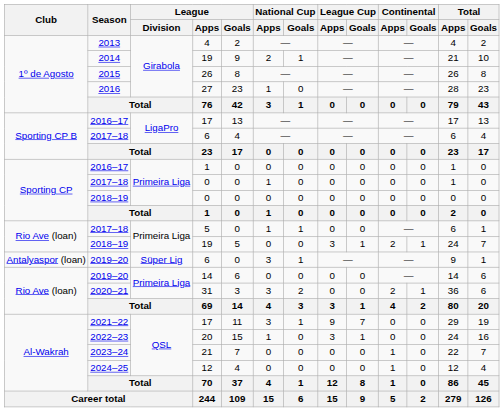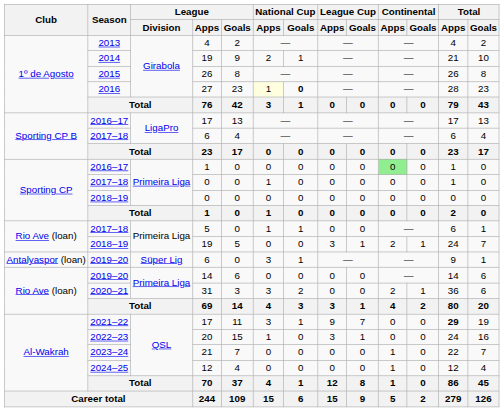 <table class=wikitable style="text-align: center;">
 <tr>
 <th rowspan=2>Club</th>
 <th rowspan=2>Season</th>
 <th colspan=3>League</th>
 <th colspan=2>National Cup</th>
 <th colspan=2>League Cup</th>
 <th colspan=2>Continental</th>
 <th colspan=2>Total</th>
 </tr>
 <tr>
 <th>Division</th>
 <th>Apps</th>
 <th>Goals</th>
 <th>Apps</th>
 <th>Goals</th>
 <th>Apps</th>
 <th>Goals</th>
 <th>Apps</th>
 <th>Goals</th>
 <th>Apps</th>
 <th>Goals</th>
 </tr>
 <tr>
 <td rowspan=5><a href='#'>1º de Agosto</a></td>
 <td><a href='#'>2013</a></td>
 <td rowspan=4><a href='#'>Girabola</a></td>
 <td>4</td>
 <td>2</td>
 <td colspan=2>—</td>
 <td colspan=2>—</td>
 <td colspan=2>—</td>
 <td>4</td>
 <td>2</td>
 </tr>
 <tr>
 <td><a href='#'>2014</a></td>
 <td>19</td>
 <td>9</td>
 <td>2</td>
 <td>1</td>
 <td colspan=2>—</td>
 <td colspan=2>—</td>
 <td>21</td>
 <td>10</td>
 </tr>
 <tr>
 <td><a href='#'>2015</a></td>
 <td>26</td>
 <td>8</td>
 <td colspan=2>—</td>
 <td colspan=2>—</td>
 <td colspan=2>—</td>
 <td>26</td>
 <td>8</td>
 </tr>
 <tr>
 <td><a href='#'>2016</a></td>
 <td>27</td>
 <td>23</td>
-<td>1</td>
-<td>0</td>
+<td style="background: lightyellow;">1</td>
+<td><strong>0</strong></td>
 <td colspan=2>—</td>
 <td colspan=2>—</td>
 <td>28</td>
 <td>23</td>
 </tr>
 <tr>
 <th colspan=2>Total</th>
 <th>76</th>
 <th>42</th>
 <th>3</th>
 <th>1</th>
 <th>0</th>
 <th>0</th>
 <th>0</th>
 <th>0</th>
 <th>79</th>
 <th>43</th>
 </tr>
 <tr>
 <td rowspan=3><a href='#'>Sporting CP B</a></td>
 <td><a href='#'>2016–17</a></td>
 <td rowspan=2><a href='#'>LigaPro</a></td>
 <td>17</td>
 <td>13</td>
 <td colspan=2>—</td>
 <td colspan=2>—</td>
 <td colspan=2>—</td>
 <td>17</td>
 <td>13</td>
 </tr>
 <tr>
 <td><a href='#'>2017–18</a></td>
 <td>6</td>
 <td>4</td>
 <td colspan=2>—</td>
 <td colspan=2>—</td>
 <td colspan=2>—</td>
 <td>6</td>
 <td>4</td>
 </tr>
 <tr>
 <th colspan=2>Total</th>
 <th>23</th>
 <th>17</th>
 <th>0</th>
 <th>0</th>
 <th>0</th>
 <th>0</th>
 <th>0</th>
 <th>0</th>
 <th>23</th>
 <th>17</th>
 </tr>
 <tr>
 <td rowspan=4><a href='#'>Sporting CP</a></td>
 <td><a href='#'>2016–17</a></td>
 <td rowspan=3><a href='#'>Primeira Liga</a></td>
 <td>1</td>
 <td>0</td>
 <td>0</td>
 <td>0</td>
 <td>0</td>
 <td>0</td>
-<td>0</td>
+<td style="background: lightgreen;">0</td>
 <td>0</td>
 <td>1</td>
 <td>0</td>
 </tr>
 <tr>
 <td><a href='#'>2017–18</a></td>
 <td>0</td>
 <td>0</td>
 <td>1</td>
 <td>0</td>
 <td>0</td>
 <td>0</td>
 <td>0</td>
 <td>0</td>
 <td>1</td>
 <td>0</td>
 </tr>
 <tr>
 <td><a href='#'>2018–19</a></td>
 <td>0</td>
 <td>0</td>
 <td>0</td>
 <td>0</td>
 <td>0</td>
 <td>0</td>
 <td>0</td>
 <td>0</td>
 <td>0</td>
 <td>0</td>
 </tr>
 <tr>
 <th colspan=2>Total</th>
 <th>1</th>
 <th>0</th>
 <th>1</th>
 <th>0</th>
 <th>0</th>
 <th>0</th>
 <th>0</th>
 <th>0</th>
 <th>2</th>
 <th>0</th>
 </tr>
 <tr>
 <td rowspan=2><a href='#'>Rio Ave</a> (loan)</td>
 <td><a href='#'>2017–18</a></td>
 <td rowspan=2>Primeira Liga</td>
 <td>5</td>
 <td>0</td>
 <td>1</td>
 <td>1</td>
 <td>0</td>
 <td>0</td>
 <td colspan=2>—</td>
 <td>6</td>
 <td>1</td>
 </tr>
 <tr>
 <td><a href='#'>2018–19</a></td>
 <td>19</td>
 <td>5</td>
 <td>0</td>
 <td>0</td>
 <td>3</td>
 <td>1</td>
 <td>2</td>
 <td>1</td>
 <td>24</td>
 <td>7</td>
 </tr>
 <tr>
 <td><a href='#'>Antalyaspor</a> (loan)</td>
 <td><a href='#'>2019–20</a></td>
 <td><a href='#'>Süper Lig</a></td>
 <td>6</td>
 <td>0</td>
 <td>3</td>
 <td>1</td>
 <td colspan=2>—</td>
 <td colspan=2>—</td>
 <td>9</td>
 <td>1</td>
 </tr>
 <tr>
 <td rowspan=3><a href='#'>Rio Ave</a> (loan)</td>
 <td><a href='#'>2019–20</a></td>
 <td rowspan=2><a href='#'>Primeira Liga</a></td>
 <td>14</td>
 <td>6</td>
 <td>0</td>
 <td>0</td>
 <td>0</td>
 <td>0</td>
 <td colspan=2>—</td>
 <td>14</td>
 <td>6</td>
 </tr>
 <tr>
 <td><a href='#'>2020–21</a></td>
 <td>31</td>
 <td>3</td>
 <td>3</td>
 <td>2</td>
 <td>0</td>
 <td>0</td>
 <td>2</td>
 <td>1</td>
 <td>36</td>
 <td>6</td>
 </tr>
 <tr>
 <th colspan=2>Total</th>
 <th>69</th>
 <th>14</th>
 <th>4</th>
 <th>3</th>
 <th>3</th>
 <th>1</th>
 <th>4</th>
 <th>2</th>
 <th>80</th>
 <th>20</th>
 </tr>
 <tr>
 <td rowspan="5"><a href='#'>Al-Wakrah</a></td>
 <td><a href='#'>2021–22</a></td>
 <td rowspan=4><a href='#'>QSL</a></td>
 <td>17</td>
 <td>11</td>
 <td>3</td>
 <td>1</td>
 <td>9</td>
 <td>7</td>
 <td>0</td>
 <td>0</td>
-<td>29</td>
+<td><strong>29</strong></td>
 <td>19</td>
 </tr>
 <tr>
 <td><a href='#'>2022–23</a></td>
 <td>20</td>
 <td>15</td>
 <td>1</td>
 <td>0</td>
 <td>3</td>
 <td>1</td>
 <td>0</td>
 <td>0</td>
 <td>24</td>
 <td>16</td>
 </tr>
 <tr>
 <td><a href='#'>2023–24</a></td>
 <td>21</td>
 <td>7</td>
 <td>0</td>
 <td>0</td>
 <td>0</td>
 <td>0</td>
 <td>1</td>
 <td>0</td>
 <td>22</td>
 <td>7</td>
 </tr>
 <tr>
 <td><a href='#'>2024–25</a></td>
 <td>12</td>
 <td>4</td>
 <td>0</td>
 <td>0</td>
 <td>0</td>
 <td>0</td>
 <td>1</td>
 <td>0</td>
 <td>12</td>
 <td>4</td>
 </tr>
 <tr>
 <th colspan="2">Total</th>
 <th>70</th>
 <th>37</th>
 <th>4</th>
 <th>1</th>
 <th>12</th>
 <th>8</th>
 <th>1</th>
 <th>0</th>
 <th>86</th>
 <th>45</th>
 </tr>
 <tr>
 <th colspan=3>Career total</th>
 <th>244</th>
 <th>109</th>
 <th>15</th>
 <th>6</th>
 <th>15</th>
 <th>9</th>
 <th>5</th>
 <th>2</th>
 <th>279</th>
 <th>126</th>
 </tr>
 </table>
